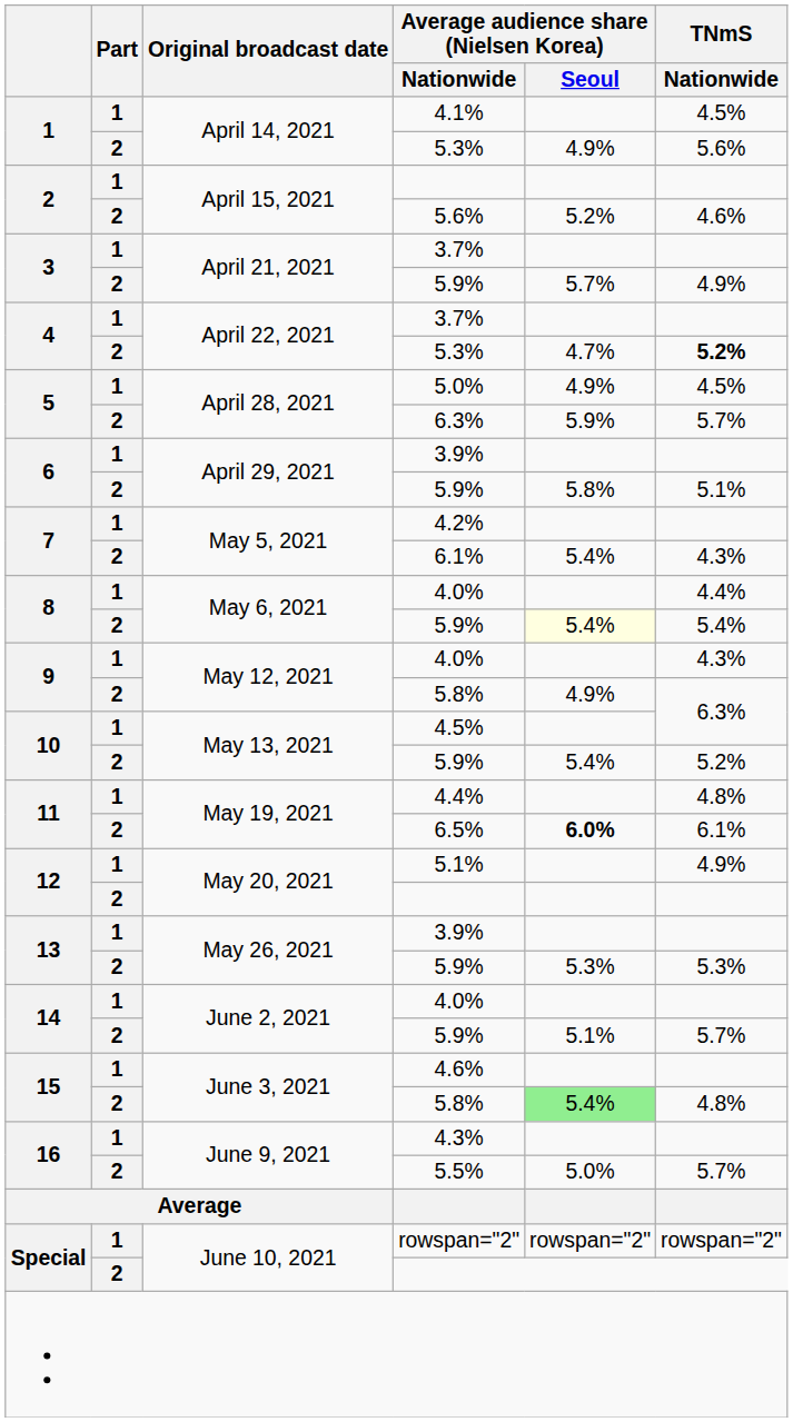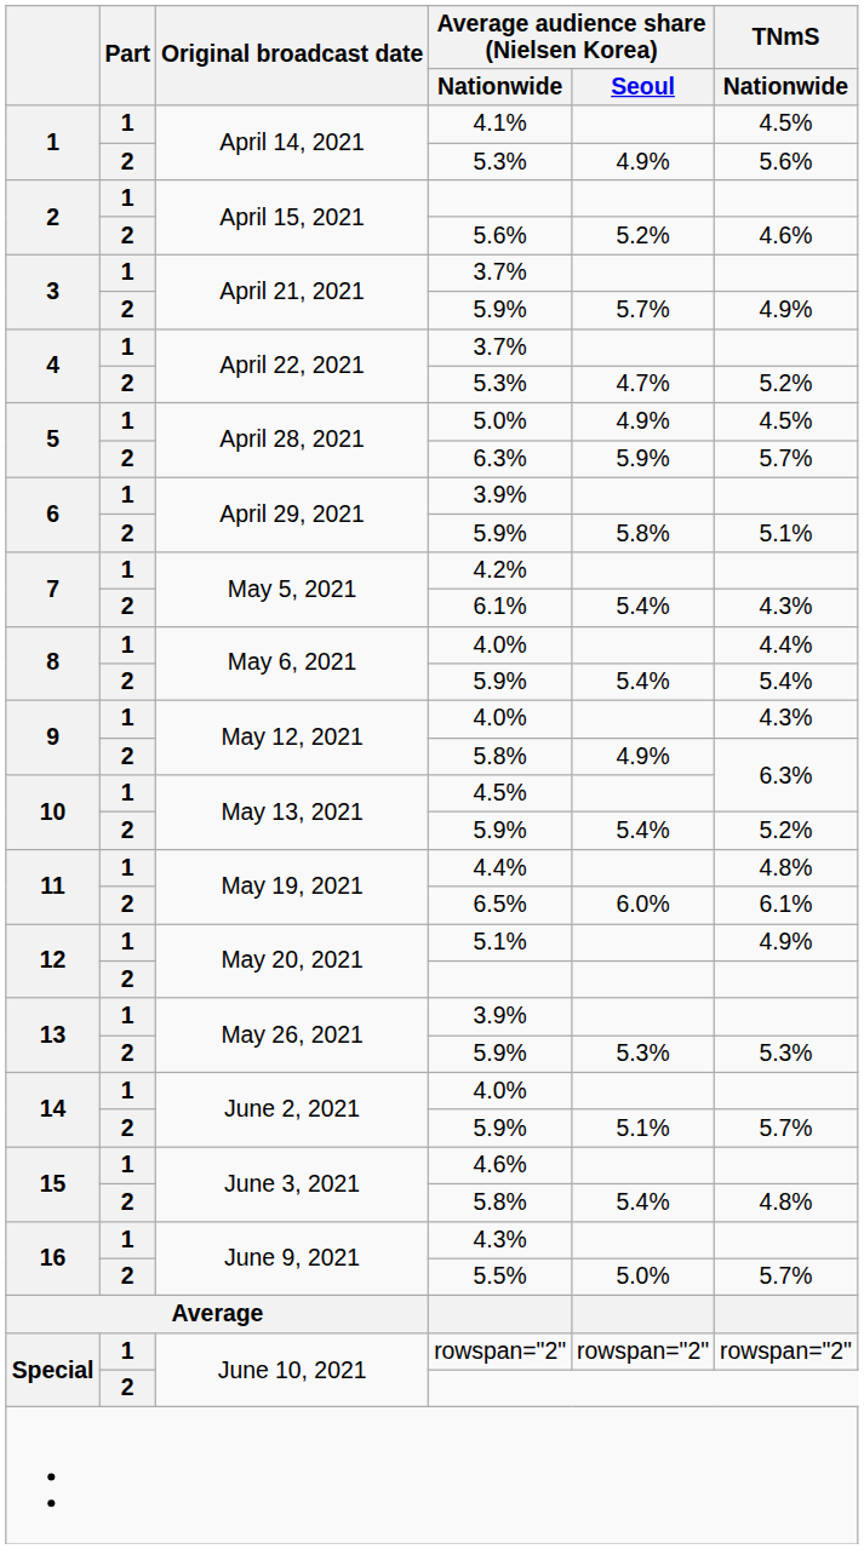 <table class="wikitable" style="text-align:center;max-width:700px; margin-left: auto; margin-right: auto; border: none;">
 <tr>
 </tr>
 <tr>
 <th rowspan="2"></th>
 <th rowspan="2">Part</th>
 <th rowspan="2">Original broadcast date</th>
 <th colspan="2">Average audience share (Nielsen Korea)</th>
 <th>TNmS</th>
 </tr>
 <tr>
 <th width="90">Nationwide</th>
 <th width="90"><a href='#'>Seoul</a></th>
 <th width="90">Nationwide</th>
 </tr>
 <tr>
 <th rowspan="2">1</th>
 <th>1</th>
 <td rowspan="2">April 14, 2021</td>
 <td>4.1%</td>
 <td></td>
 <td>4.5%</td>
 </tr>
 <tr>
 <th>2</th>
 <td>5.3%</td>
 <td>4.9%</td>
 <td>5.6%</td>
 </tr>
 <tr>
 <th rowspan="2">2</th>
 <th>1</th>
 <td rowspan="2">April 15, 2021</td>
 <td><strong></strong></td>
 <td></td>
 <td></td>
 </tr>
 <tr>
 <th>2</th>
 <td>5.6%</td>
 <td>5.2%</td>
 <td>4.6%</td>
 </tr>
 <tr>
 <th rowspan="2">3</th>
 <th>1</th>
 <td rowspan="2">April 21, 2021</td>
 <td>3.7%</td>
 <td></td>
 <td></td>
 </tr>
 <tr>
 <th>2</th>
 <td>5.9%</td>
 <td>5.7%</td>
 <td>4.9%</td>
 </tr>
 <tr>
 <th rowspan="2">4</th>
 <th>1</th>
 <td rowspan="2">April 22, 2021</td>
 <td>3.7%</td>
 <td></td>
 <td></td>
 </tr>
 <tr>
 <th>2</th>
 <td>5.3%</td>
 <td>4.7%</td>
-<td><strong>5.2%</strong></td>
+<td>5.2%</td>
 </tr>
 <tr>
 <th rowspan="2">5</th>
 <th>1</th>
 <td rowspan="2">April 28, 2021</td>
 <td>5.0%</td>
 <td>4.9%</td>
 <td>4.5%</td>
 </tr>
 <tr>
 <th>2</th>
 <td>6.3%</td>
 <td>5.9%</td>
 <td>5.7%</td>
 </tr>
 <tr>
 <th rowspan="2">6</th>
 <th>1</th>
 <td rowspan="2">April 29, 2021</td>
 <td>3.9%</td>
 <td></td>
 <td></td>
 </tr>
 <tr>
 <th>2</th>
 <td>5.9%</td>
 <td>5.8%</td>
 <td>5.1%</td>
 </tr>
 <tr>
 <th rowspan="2">7</th>
 <th>1</th>
 <td rowspan="2">May 5, 2021</td>
 <td>4.2%</td>
 <td></td>
 <td></td>
 </tr>
 <tr>
 <th>2</th>
 <td>6.1%</td>
 <td>5.4%</td>
 <td>4.3%</td>
 </tr>
 <tr>
 <th rowspan="2">8</th>
 <th>1</th>
 <td rowspan="2">May 6, 2021</td>
 <td>4.0%</td>
 <td></td>
 <td>4.4%</td>
 </tr>
 <tr>
 <th>2</th>
 <td>5.9%</td>
-<td style="background: lightyellow;">5.4%</td>
+<td>5.4%</td>
 <td>5.4%</td>
 </tr>
 <tr>
 <th rowspan="2">9</th>
 <th>1</th>
 <td rowspan="2">May 12, 2021</td>
 <td>4.0%</td>
 <td></td>
 <td>4.3%</td>
 </tr>
 <tr>
 <th>2</th>
 <td>5.8%</td>
 <td>4.9%</td>
 <td rowspan="2">6.3%</td>
 </tr>
 <tr>
 <th rowspan="2">10</th>
 <th>1</th>
 <td rowspan="2">May 13, 2021</td>
 <td>4.5%</td>
 <td></td>
 </tr>
 <tr>
 <th>2</th>
 <td>5.9%</td>
 <td>5.4%</td>
 <td>5.2%</td>
 </tr>
 <tr>
 <th rowspan="2">11</th>
 <th>1</th>
 <td rowspan="2">May 19, 2021</td>
 <td>4.4%</td>
 <td></td>
 <td>4.8%</td>
 </tr>
 <tr>
 <th>2</th>
 <td>6.5%</td>
-<td><strong>6.0%</strong></td>
+<td>6.0%</td>
 <td>6.1%</td>
 </tr>
 <tr>
 <th rowspan="2">12</th>
 <th>1</th>
 <td rowspan="2">May 20, 2021</td>
 <td>5.1%</td>
 <td></td>
 <td>4.9%</td>
 </tr>
 <tr>
 <th>2</th>
 <td><strong></strong></td>
 <td><strong></strong></td>
 <td><strong></strong></td>
 </tr>
 <tr>
 <th rowspan="2">13</th>
 <th>1</th>
 <td rowspan="2">May 26, 2021</td>
 <td>3.9%</td>
 <td></td>
 <td></td>
 </tr>
 <tr>
 <th>2</th>
 <td>5.9%</td>
 <td>5.3%</td>
 <td>5.3%</td>
 </tr>
 <tr>
 <th rowspan="2">14</th>
 <th>1</th>
 <td rowspan="2">June 2, 2021</td>
 <td>4.0%</td>
 <td></td>
 <td></td>
 </tr>
 <tr>
 <th>2</th>
 <td>5.9%</td>
 <td>5.1%</td>
 <td>5.7%</td>
 </tr>
 <tr>
 <th rowspan="2">15</th>
 <th>1</th>
 <td rowspan="2">June 3, 2021</td>
 <td>4.6%</td>
 <td></td>
 <td></td>
 </tr>
 <tr>
 <th>2</th>
 <td>5.8%</td>
-<td style="background: lightgreen;">5.4%</td>
+<td>5.4%</td>
 <td>4.8%</td>
 </tr>
 <tr>
 <th rowspan="2">16</th>
 <th>1</th>
 <td rowspan="2">June 9, 2021</td>
 <td>4.3%</td>
 <td></td>
 <td></td>
 </tr>
 <tr>
 <th>2</th>
 <td>5.5%</td>
 <td>5.0%</td>
 <td>5.7%</td>
 </tr>
 <tr>
 <th colspan="3">Average</th>
 <th></th>
 <th></th>
 <th></th>
 </tr>
 <tr>
 <th rowspan="2">Special</th>
 <th>1</th>
 <td rowspan="2">June 10, 2021</td>
 <td>rowspan="2" </td>
 <td>rowspan="2" </td>
 <td>rowspan="2" </td>
 </tr>
 <tr>
 <th>2</th>
 </tr>
 <tr>
 <td colspan="6"><br><ul><li></li><li></li></ul></td>
 </tr>
 </table>
